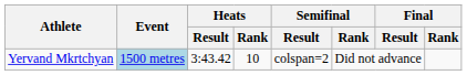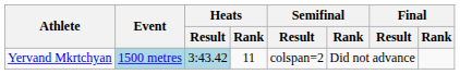 <table class="wikitable" border="1" style="font-size:90%">
 <tr>
 <th rowspan="2">Athlete</th>
 <th rowspan="2">Event</th>
 <th colspan="2">Heats</th>
 <th colspan="2">Semifinal</th>
 <th colspan="2">Final</th>
 </tr>
 <tr>
 <th>Result</th>
 <th>Rank</th>
 <th>Result</th>
 <th>Rank</th>
 <th>Result</th>
 <th>Rank</th>
 </tr>
 <tr align=center>
 <td align=left><a href='#'>Yervand Mkrtchyan</a></td>
 <td align=left style="background: lightblue;"><a href='#'>1500 metres</a></td>
-<td>3:43.42</td>
-<td>10</td>
+<td style="background: lightblue;">3:43.42</td>
+<td>11</td>
 <td>colspan=2</td>
 <td colspan="2">Did not advance</td>
 </tr>
 </table>
